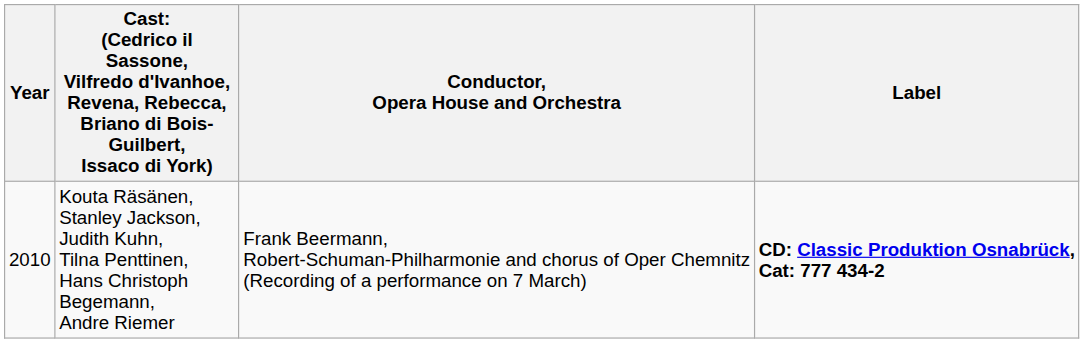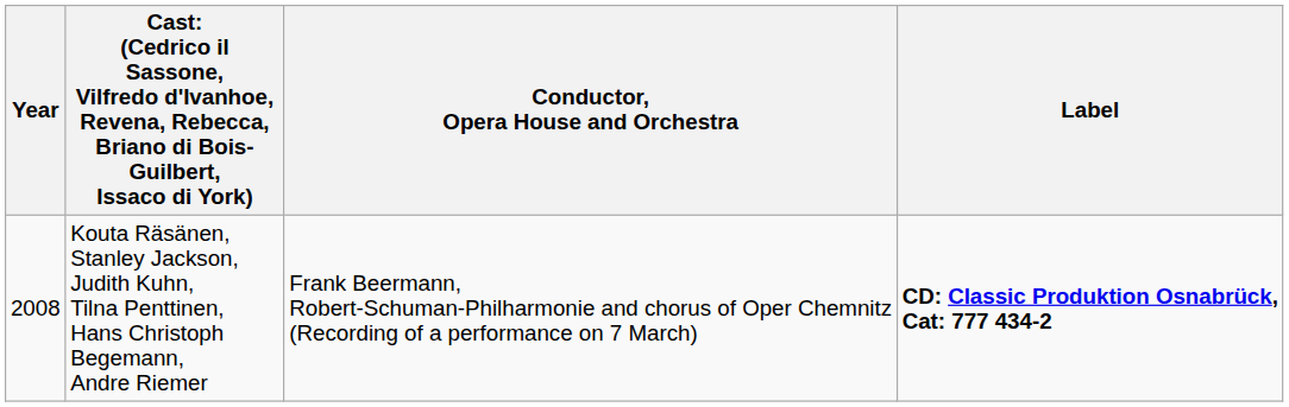 <table class="wikitable">
 <tr>
 <th>Year</th>
 <th width="150">Cast:<br>(Cedrico il Sassone,<br>Vilfredo d'Ivanhoe,<br>Revena, Rebecca,<br>Briano di Bois-Guilbert,<br> Issaco di York)</th>
 <th>Conductor,<br>Opera House and Orchestra</th>
 <th>Label</th>
 </tr>
 <tr>
-<td>2010</td>
+<td>2008</td>
 <td>Kouta Räsänen,<br>Stanley Jackson,<br>Judith Kuhn,<br>Tilna Penttinen,<br>Hans Christoph Begemann,<br>Andre Riemer</td>
 <td>Frank Beermann,<br>Robert-Schuman-Philharmonie and chorus of Oper Chemnitz<br>(Recording of a performance on 7 March)</td>
 <td><strong>CD: <a href='#'>Classic Produktion Osnabrück</a>,<br>Cat: 777 434-2</strong></td>
 </tr>
 </table>
